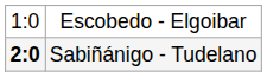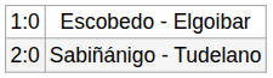 <table class="wikitable">
 <tr align=center bgcolor=white>
 <td>1:0</td>
 <td>Escobedo - Elgoibar</td>
 </tr>
 <tr align=center bgcolor=#F5F5F5>
-<td><strong>2:0</strong></td>
+<td>2:0</td>
 <td>Sabiñánigo - Tudelano</td>
 </tr>
 </table>
